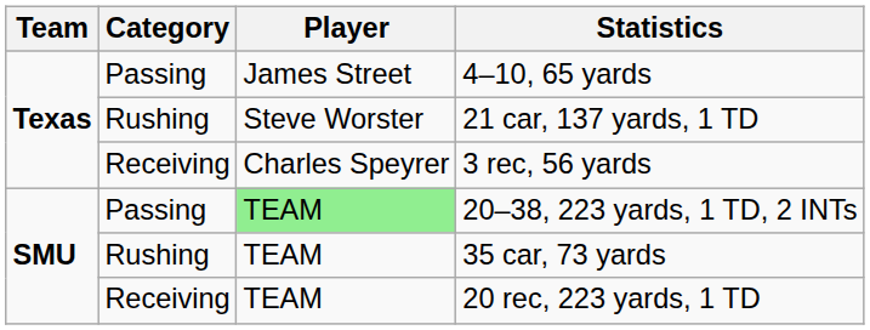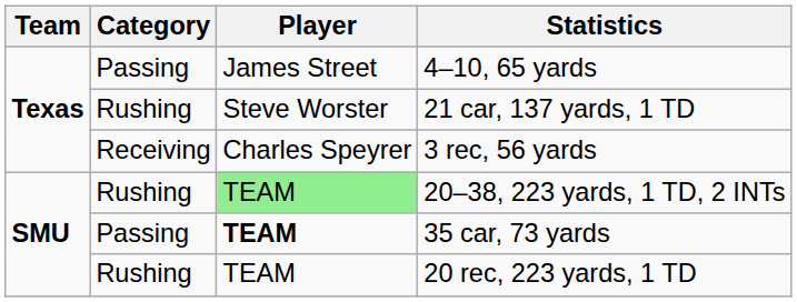 <table class="wikitable" style="float: right;">
 <tr>
 <th>Team</th>
 <th>Category</th>
 <th>Player</th>
 <th>Statistics</th>
 </tr>
 <tr>
 <td rowspan=3><strong>Texas</strong></td>
 <td>Passing</td>
 <td>James Street</td>
 <td>4–10, 65 yards</td>
 </tr>
 <tr>
 <td>Rushing</td>
 <td>Steve Worster</td>
 <td>21 car, 137 yards, 1 TD</td>
 </tr>
 <tr>
 <td>Receiving</td>
 <td>Charles Speyrer</td>
 <td>3 rec, 56 yards</td>
 </tr>
 <tr>
 <td rowspan=3><strong>SMU</strong></td>
-<td>Passing</td>
+<td>Rushing</td>
 <td style="background: lightgreen;">TEAM</td>
 <td>20–38, 223 yards, 1 TD, 2 INTs</td>
 </tr>
 <tr>
-<td>Rushing</td>
-<td>TEAM</td>
+<td>Passing</td>
+<td><strong>TEAM</strong></td>
 <td>35 car, 73 yards</td>
 </tr>
 <tr>
-<td>Receiving</td>
+<td>Rushing</td>
 <td>TEAM</td>
 <td>20 rec, 223 yards, 1 TD</td>
 </tr>
 </table>
